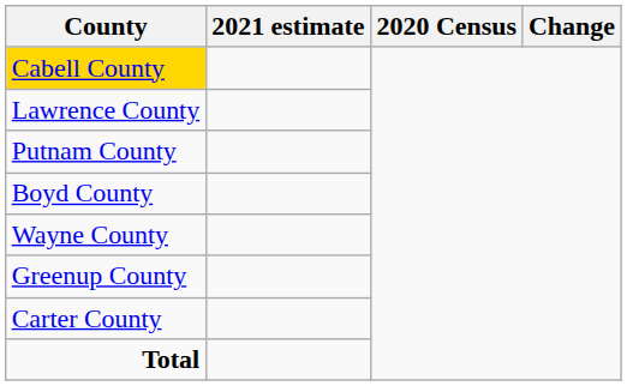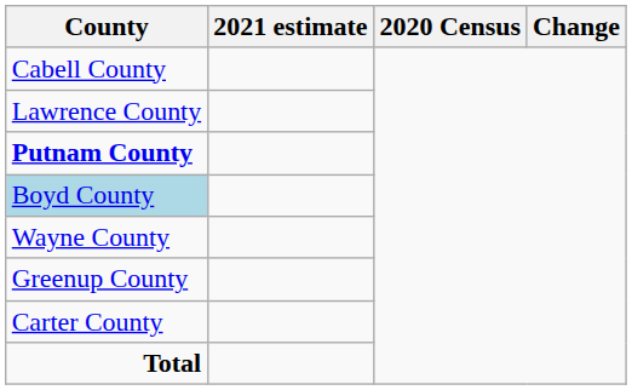 <table class="wikitable sortable">
 <tr>
 <th>County</th>
 <th>2021 estimate</th>
 <th>2020 Census</th>
 <th>Change</th>
 </tr>
 <tr>
-<td style="background: gold;"><a href='#'>Cabell County</a></td>
+<td><a href='#'>Cabell County</a></td>
 <td></td>
 </tr>
 <tr>
 <td><a href='#'>Lawrence County</a></td>
 <td></td>
 </tr>
 <tr>
-<td><a href='#'>Putnam County</a></td>
+<td><strong><a href='#'>Putnam County</a></strong></td>
 <td></td>
 </tr>
 <tr>
-<td><a href='#'>Boyd County</a></td>
+<td style="background: lightblue;"><a href='#'>Boyd County</a></td>
 <td></td>
 </tr>
 <tr>
 <td><a href='#'>Wayne County</a></td>
 <td></td>
 </tr>
 <tr>
 <td><a href='#'>Greenup County</a></td>
 <td></td>
 </tr>
 <tr>
 <td><a href='#'>Carter County</a></td>
 <td></td>
 </tr>
 <tr class=sortbottom>
 <td align=right><strong>Total</strong></td>
 <td></td>
 </tr>
 </table>
